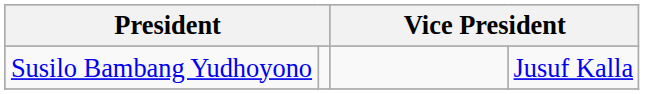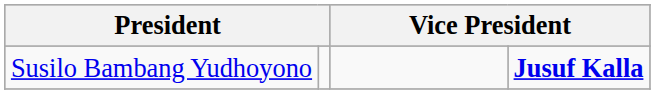 <table class="wikitable">
 <tr>
 <th colspan="2">President</th>
 <th colspan="2">Vice President</th>
 </tr>
 <tr>
 <td align="right"><a href='#'>Susilo Bambang Yudhoyono</a></td>
 <td align="right"></td>
 <td align="left" width=100></td>
-<td align="left"><a href='#'>Jusuf Kalla</a></td>
+<td align="left"><strong><a href='#'>Jusuf Kalla</a></strong></td>
 </tr>
 </table>
